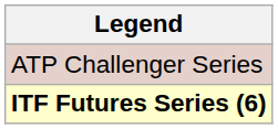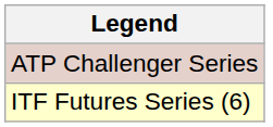 <table class="wikitable">
 <tr>
 <th>Legend</th>
 </tr>
 <tr bgcolor="#e5d1cb">
 <td>ATP Challenger Series</td>
 </tr>
 <tr bgcolor="#ffffcc">
-<td><strong>ITF Futures Series (6)</strong></td>
+<td>ITF Futures Series (6)</td>
 </tr>
 </table>
